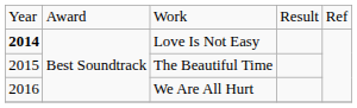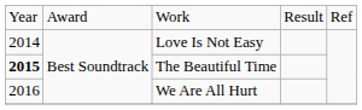 <table class="wikitable">
 <tr>
 <td>Year</td>
 <td>Award</td>
 <td>Work</td>
 <td>Result</td>
 <td>Ref</td>
 </tr>
 <tr>
-<td><strong>2014</strong></td>
+<td>2014</td>
 <td rowspan="3">Best Soundtrack</td>
 <td>Love Is Not Easy</td>
 <td></td>
 <td rowspan="3"></td>
 </tr>
 <tr>
-<td>2015</td>
+<td><strong>2015</strong></td>
 <td>The Beautiful Time</td>
 <td></td>
 </tr>
 <tr>
 <td>2016</td>
 <td>We Are All Hurt</td>
 <td></td>
 </tr>
 <tr>
 </tr>
 </table>
